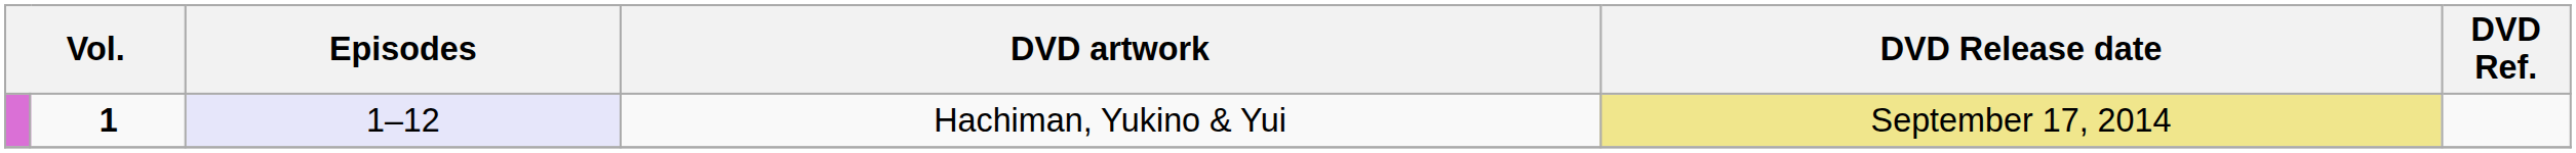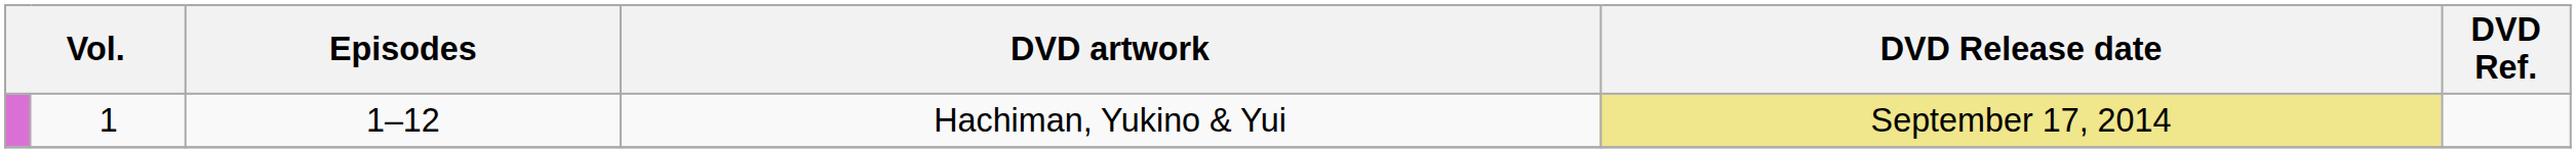 <table class="wikitable" style="text-align: center; width: 98%;">
 <tr>
 <th colspan="2">Vol.</th>
 <th>Episodes</th>
 <th>DVD artwork</th>
 <th>DVD Release date</th>
 <th width="5%">DVD Ref.</th>
 </tr>
 <tr>
 <td width="1%" style="background: Orchid;"></td>
-<td><strong>1</strong></td>
-<td style="background: lavender;">1–12</td>
+<td>1</td>
+<td>1–12</td>
 <td>Hachiman, Yukino & Yui</td>
 <td style="background: khaki;">September 17, 2014</td>
 <td></td>
 </tr>
 <tr>
 </tr>
 </table>
